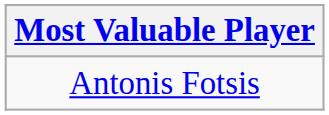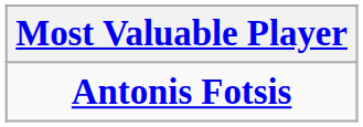 <table class=wikitable style="text-align:center; margin:auto">
 <tr>
 <th><a href='#'>Most Valuable Player</a></th>
 </tr>
 <tr>
-<td> <a href='#'>Antonis Fotsis</a></td>
+<td><strong> <a href='#'>Antonis Fotsis</a></strong></td>
 </tr>
 </table>
